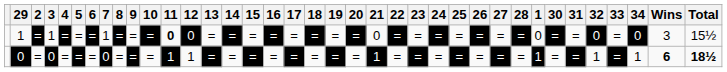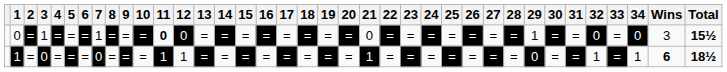 <table class="wikitable" style="text-align:center">
 <tr>
 <th></th>
-<th>29</th>
+<th>1</th>
 <th>2</th>
 <th>3</th>
 <th>4</th>
 <th>5</th>
 <th>6</th>
 <th>7</th>
 <th>8</th>
 <th>9</th>
 <th>10</th>
 <th>11</th>
 <th>12</th>
 <th>13</th>
 <th>14</th>
 <th>15</th>
 <th>16</th>
 <th>17</th>
 <th>18</th>
 <th>19</th>
 <th>20</th>
 <th>21</th>
 <th>22</th>
 <th>23</th>
 <th>24</th>
 <th>25</th>
 <th>26</th>
 <th>27</th>
 <th>28</th>
-<th>1</th>
+<th>29</th>
 <th>30</th>
 <th>31</th>
 <th>32</th>
 <th>33</th>
 <th>34</th>
 <th>Wins</th>
 <th>Total</th>
 </tr>
 <tr>
 <td align=left></td>
-<td>1</td>
+<td>0</td>
 <td style="background:black; color:white">=</td>
 <td>1</td>
 <td style="background:black; color:white">=</td>
 <td>=</td>
 <td style="background:black; color:white">=</td>
 <td>1</td>
 <td style="background:black; color:white">=</td>
 <td>=</td>
 <td style="background:black; color:white">=</td>
 <td><strong>0</strong></td>
 <td style="background:black; color:white">0</td>
 <td>=</td>
 <td style="background:black; color:white">=</td>
 <td>=</td>
 <td style="background:black; color:white">=</td>
 <td>=</td>
 <td style="background:black; color:white">=</td>
 <td>=</td>
 <td style="background:black; color:white">=</td>
 <td>0</td>
 <td style="background:black; color:white">=</td>
 <td>=</td>
 <td style="background:black; color:white">=</td>
 <td>=</td>
 <td style="background:black; color:white">=</td>
 <td>=</td>
 <td style="background:black; color:white">=</td>
-<td>0</td>
+<td>1</td>
 <td style="background:black; color:white">=</td>
 <td>=</td>
 <td style="background:black; color:white">0</td>
 <td>=</td>
 <td style="background:black; color:white">0</td>
 <td>3</td>
-<td>15½</td>
+<td><strong>15½</strong></td>
 </tr>
 <tr>
 <td align=left></td>
-<td style="background:black; color:white">0</td>
+<td style="background:black; color:white">1</td>
 <td>=</td>
 <td style="background:black; color:white">0</td>
 <td>=</td>
 <td style="background:black; color:white">=</td>
 <td>=</td>
 <td style="background:black; color:white">0</td>
 <td>=</td>
 <td style="background:black; color:white">=</td>
 <td>=</td>
 <td style="background:black; color:white">1</td>
 <td>1</td>
 <td style="background:black; color:white">=</td>
 <td>=</td>
 <td style="background:black; color:white">=</td>
 <td>=</td>
 <td style="background:black; color:white">=</td>
 <td>=</td>
 <td style="background:black; color:white">=</td>
 <td>=</td>
 <td style="background:black; color:white">1</td>
 <td>=</td>
 <td style="background:black; color:white">=</td>
 <td>=</td>
 <td style="background:black; color:white">=</td>
 <td>=</td>
 <td style="background:black; color:white">=</td>
 <td>=</td>
-<td style="background:black; color:white">1</td>
+<td style="background:black; color:white">0</td>
 <td>=</td>
 <td style="background:black; color:white">=</td>
 <td>1</td>
 <td style="background:black; color:white">=</td>
 <td>1</td>
 <td><strong>6</strong></td>
 <td><strong>18½</strong></td>
 </tr>
 </table>
